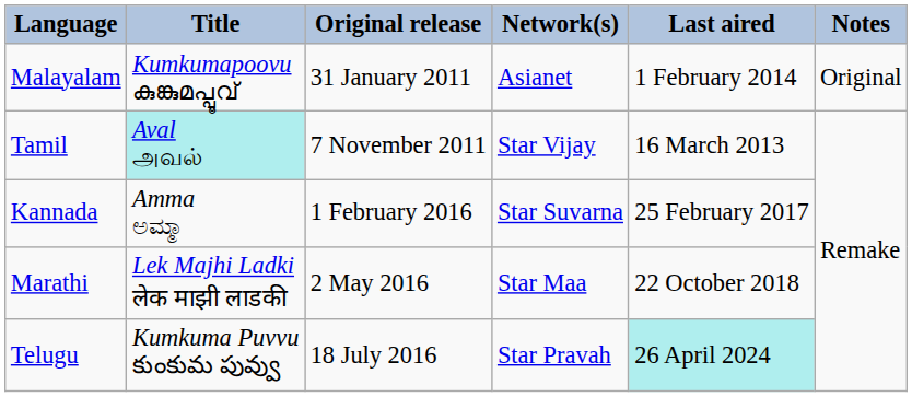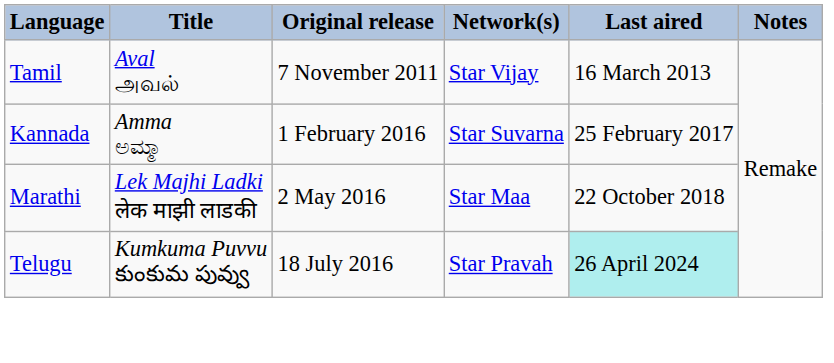 <table class="wikitable">
 <tr>
 <th style="background:LightSteelBlue;">Language</th>
 <th style="background:LightSteelBlue;">Title</th>
 <th style="background:LightSteelBlue;">Original release</th>
 <th style="background:LightSteelBlue;">Network(s)</th>
 <th style="background:LightSteelBlue;">Last aired</th>
 <th style="background:LightSteelBlue;">Notes</th>
 </tr>
 <tr>
-<td><a href='#'>Malayalam</a></td>
-<td><em><a href='#'>Kumkumapoovu</a></em> <br> കുങ്കുമപ്പൂവ്</td>
-<td>31 January 2011</td>
-<td><a href='#'>Asianet</a></td>
-<td>1 February 2014</td>
-<td>Original</td>
-</tr>
-<tr>
 <td><a href='#'>Tamil</a></td>
-<td style="background: paleturquoise;"><em><a href='#'>Aval</a></em> <br> அவல்</td>
+<td><em><a href='#'>Aval</a></em> <br> அவல்</td>
 <td>7 November 2011</td>
 <td><a href='#'>Star Vijay</a></td>
 <td>16 March 2013</td>
 <td rowspan="4">Remake</td>
 </tr>
 <tr>
 <td><a href='#'>Kannada</a></td>
 <td><em>Amma</em> <br> ಅಮ್ಮಾ</td>
 <td>1 February 2016</td>
 <td><a href='#'>Star Suvarna</a></td>
 <td>25 February 2017</td>
 </tr>
 <tr>
 <td><a href='#'>Marathi</a></td>
 <td><em><a href='#'>Lek Majhi Ladki</a></em> <br> लेक माझी लाडकी</td>
 <td>2 May 2016</td>
 <td><a href='#'>Star Maa</a></td>
 <td>22 October 2018</td>
 </tr>
 <tr>
 <td><a href='#'>Telugu</a></td>
 <td><em>Kumkuma Puvvu</em> <br> కుంకుమ పువ్వు</td>
 <td>18 July 2016</td>
 <td><a href='#'>Star Pravah</a></td>
 <td style="background: paleturquoise;">26 April 2024</td>
 </tr>
 </table>
